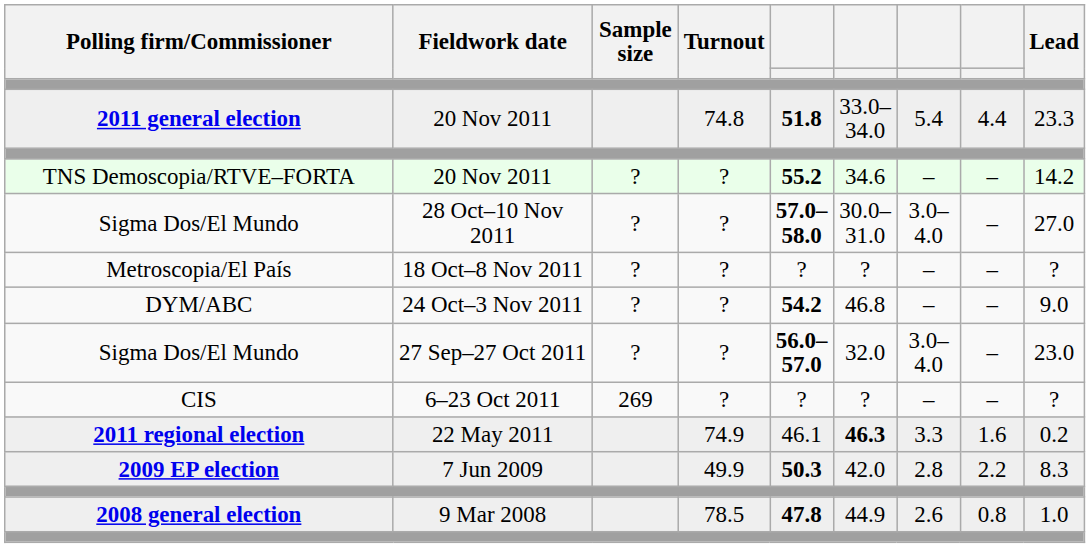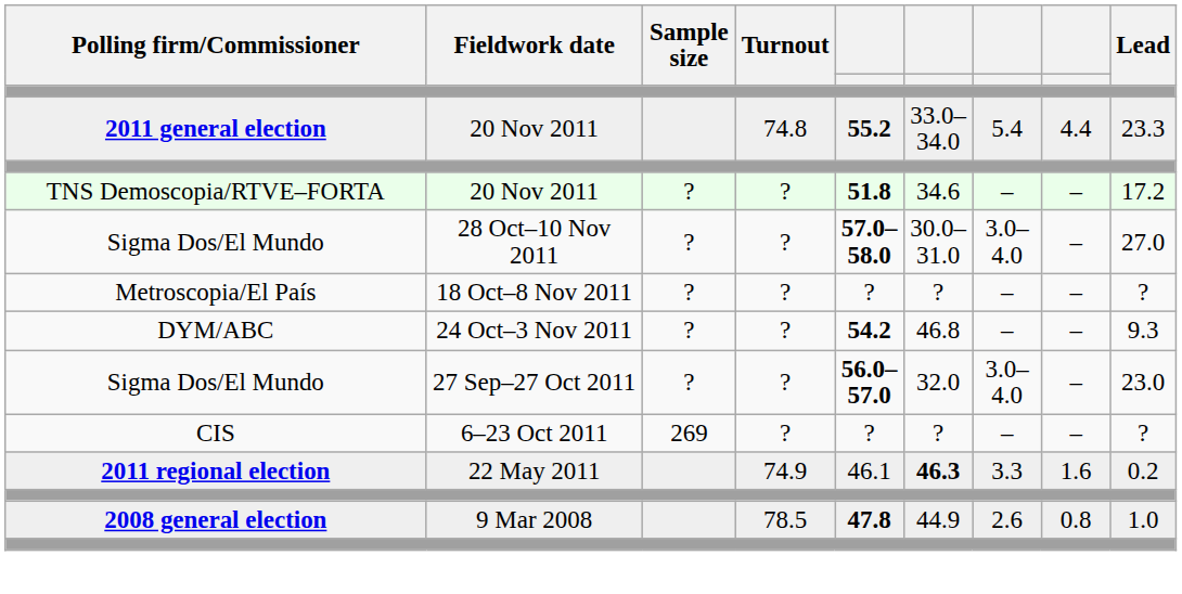 <table class="wikitable collapsible collapsed" style="text-align:center; font-size:95%; line-height:16px;">
 <tr style="height:42px;">
 <th style="width:250px;" rowspan="2">Polling firm/Commissioner</th>
 <th style="width:125px;" rowspan="2">Fieldwork date</th>
 <th style="width:50px;" rowspan="2">Sample size</th>
 <th style="width:45px;" rowspan="2">Turnout</th>
 <th style="width:35px;"></th>
 <th style="width:35px;"></th>
 <th style="width:35px;"></th>
 <th style="width:35px;"></th>
 <th style="width:30px;" rowspan="2">Lead</th>
 </tr>
 <tr>
 <th style="color:inherit;background:"></th>
 <th style="color:inherit;background:"></th>
 <th style="color:inherit;background:"></th>
 <th style="color:inherit;background:"></th>
 </tr>
 <tr>
 <td colspan="9" style="background:#A0A0A0"></td>
 </tr>
 <tr style="background:#EFEFEF;">
 <td><strong><a href='#'>2011 general election</a></strong></td>
 <td>20 Nov 2011</td>
 <td></td>
 <td>74.8</td>
-<td><strong>51.8</strong><br></td>
+<td><strong>55.2</strong><br></td>
 <td>33.0–<br>34.0<br></td>
 <td>5.4<br></td>
 <td>4.4<br></td>
 <td style="background:">23.3</td>
 </tr>
 <tr>
 <td colspan="9" style="background:#A0A0A0"></td>
 </tr>
 <tr style="background:#EAFFEA;">
 <td>TNS Demoscopia/RTVE–FORTA</td>
 <td>20 Nov 2011</td>
 <td>?</td>
 <td>?</td>
-<td><strong>55.2</strong><br></td>
+<td><strong>51.8</strong><br></td>
 <td>34.6<br></td>
 <td>–</td>
 <td>–</td>
-<td style="background:">14.2</td>
+<td style="background:">17.2</td>
 </tr>
 <tr>
 <td>Sigma Dos/El Mundo</td>
 <td>28 Oct–10 Nov 2011</td>
 <td>?</td>
 <td>?</td>
 <td><strong>57.0–<br>58.0</strong><br></td>
 <td>30.0–<br>31.0<br></td>
 <td>3.0–<br>4.0<br></td>
 <td>–</td>
 <td style="background:">27.0</td>
 </tr>
 <tr>
 <td>Metroscopia/El País</td>
 <td>18 Oct–8 Nov 2011</td>
 <td>?</td>
 <td>?</td>
 <td>?<br></td>
 <td>?<br></td>
 <td>–</td>
 <td>–</td>
 <td style="background:">?</td>
 </tr>
 <tr>
 <td>DYM/ABC</td>
 <td>24 Oct–3 Nov 2011</td>
 <td>?</td>
 <td>?</td>
 <td><strong>54.2</strong><br></td>
 <td>46.8<br></td>
 <td>–</td>
 <td>–</td>
-<td style="background:">9.0</td>
+<td style="background:">9.3</td>
 </tr>
 <tr>
 <td>Sigma Dos/El Mundo</td>
 <td>27 Sep–27 Oct 2011</td>
 <td>?</td>
 <td>?</td>
 <td><strong>56.0–<br>57.0</strong><br></td>
 <td>32.0<br></td>
 <td>3.0–<br>4.0<br></td>
 <td>–</td>
 <td style="background:">23.0</td>
 </tr>
 <tr>
 <td>CIS</td>
 <td>6–23 Oct 2011</td>
 <td>269</td>
 <td>?</td>
 <td>?<br></td>
 <td>?<br></td>
 <td>–</td>
 <td>–</td>
 <td style="background:">?</td>
 </tr>
 <tr style="background:#EFEFEF;">
 <td><strong><a href='#'>2011 regional election</a></strong></td>
 <td>22 May 2011</td>
 <td></td>
 <td>74.9</td>
 <td>46.1<br></td>
 <td><strong>46.3</strong><br></td>
 <td>3.3<br></td>
 <td>1.6<br></td>
 <td style="background:">0.2</td>
 </tr>
-<tr style="background:#EFEFEF;">
-<td><strong><a href='#'>2009 EP election</a></strong></td>
-<td>7 Jun 2009</td>
-<td></td>
-<td>49.9</td>
-<td><strong>50.3</strong><br></td>
-<td>42.0<br></td>
-<td>2.8<br></td>
-<td>2.2<br></td>
-<td style="background:">8.3</td>
-</tr>
 <tr>
 <td colspan="9" style="background:#A0A0A0"></td>
 </tr>
 <tr style="background:#EFEFEF;">
 <td><strong><a href='#'>2008 general election</a></strong></td>
 <td>9 Mar 2008</td>
 <td></td>
 <td>78.5</td>
 <td><strong>47.8</strong><br></td>
 <td>44.9<br></td>
 <td>2.6<br></td>
 <td>0.8<br></td>
 <td style="background:">1.0</td>
 </tr>
 <tr>
 <td colspan="9" style="background:#A0A0A0"></td>
 </tr>
 </table>
